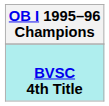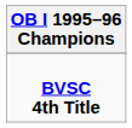 <table class="wikitable" style="text-align: center; margin: 0 auto;">
 <tr>
 <th><a href='#'>OB I</a> 1995–96<br>Champions</th>
 </tr>
 <tr>
 </tr>
 <tr>
-<td style="background: paleturquoise;"> <br><strong><a href='#'>BVSC</a></strong><br><strong>4th Title</strong></td>
+<td> <br><strong><a href='#'>BVSC</a></strong><br><strong>4th Title</strong></td>
 </tr>
 </table>
